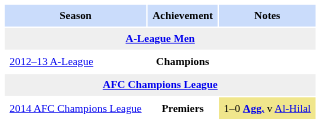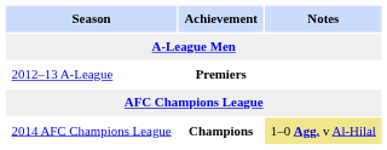 <table class="toccolours" border="0" cellpadding="7" cellspacing="2" style="float:left; margin:0.5em;">
 <tr style="background:#cadcfb;">
 <th>Season</th>
 <th>Achievement</th>
 <th>Notes</th>
 </tr>
 <tr>
 <th colspan="4" style="background:#efefef;"><a href='#'>A-League Men</a></th>
 </tr>
 <tr>
 <td style="text-align:left;"><a href='#'>2012–13 A-League</a></td>
-<td style="text-align:center;"><strong>Champions</strong></td>
+<td style="text-align:center;"><strong>Premiers</strong></td>
 <td style="text-align:center"></td>
 </tr>
 <tr>
 <th colspan="4" style="background:#efefef;"><a href='#'>AFC Champions League</a></th>
 </tr>
 <tr>
 <td style="text-align:left;"><a href='#'>2014 AFC Champions League</a></td>
-<td style="text-align:center;"><strong>Premiers</strong></td>
+<td style="text-align:center;"><strong>Champions</strong></td>
 <td style="background: khaki; text-align:left;">1–0 <strong><a href='#'>Agg.</a></strong> v <a href='#'>Al-Hilal</a> </td>
 </tr>
 </table>
